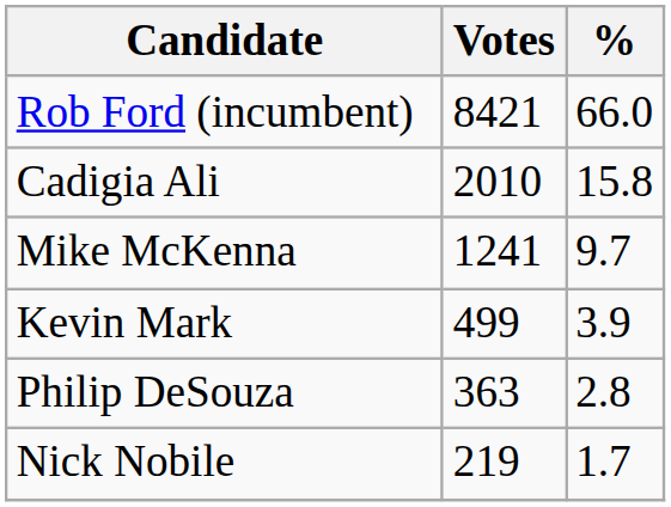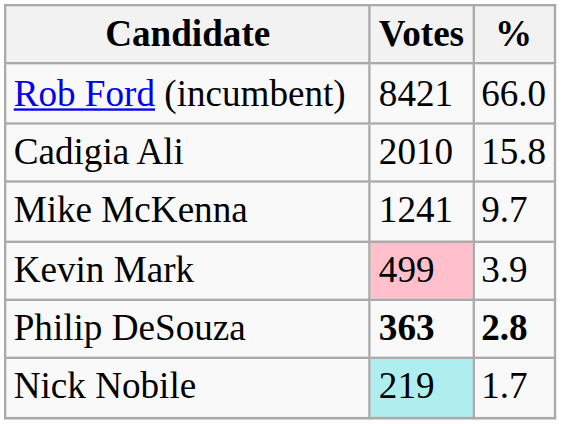 <table class="wikitable">
 <tr>
 <th bgcolor="#DDDDFF" width="150px">Candidate</th>
 <th bgcolor="#DDDDFF">Votes</th>
 <th bgcolor="#DDDDFF">%</th>
 </tr>
 <tr>
 <td><a href='#'>Rob Ford</a> (incumbent)</td>
 <td>8421</td>
 <td>66.0</td>
 </tr>
 <tr>
 <td>Cadigia Ali</td>
 <td>2010</td>
 <td>15.8</td>
 </tr>
 <tr>
 <td>Mike McKenna</td>
 <td>1241</td>
 <td>9.7</td>
 </tr>
 <tr>
 <td>Kevin Mark</td>
-<td>499</td>
+<td style="background: pink;">499</td>
 <td>3.9</td>
 </tr>
 <tr>
 <td>Philip DeSouza</td>
-<td>363</td>
-<td>2.8</td>
+<td><strong>363</strong></td>
+<td><strong>2.8</strong></td>
 </tr>
 <tr>
 <td>Nick Nobile</td>
-<td>219</td>
+<td style="background: paleturquoise;">219</td>
 <td>1.7</td>
 </tr>
 <tr>
 </tr>
 </table>
